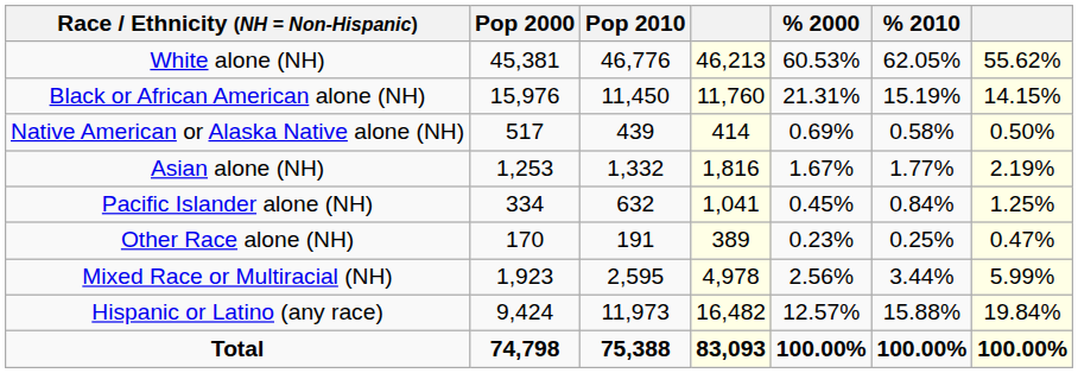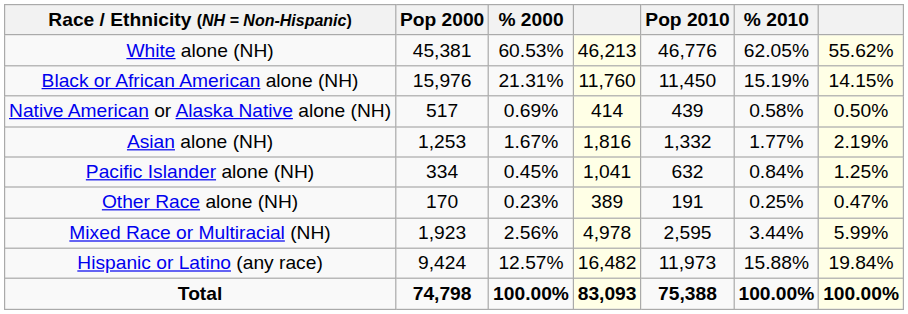 <table class="wikitable" style="text-align:center;">
 <tr>
 <th>Race / Ethnicity <small>(<em>NH = Non-Hispanic</em>)</small></th>
 <th>Pop 2000</th>
+<th>% 2000</th>
+<th></th>
 <th>Pop 2010</th>
-<th></th>
-<th>% 2000</th>
 <th>% 2010</th>
 <th></th>
 </tr>
 <tr>
 <td><a href='#'>White</a> alone (NH)</td>
 <td>45,381</td>
+<td>60.53%</td>
+<td style='background: #ffffe6;'>46,213</td>
 <td>46,776</td>
-<td style='background: #ffffe6;'>46,213</td>
-<td>60.53%</td>
 <td>62.05%</td>
 <td style='background: #ffffe6;'>55.62%</td>
 </tr>
 <tr>
 <td><a href='#'>Black or African American</a> alone (NH)</td>
 <td>15,976</td>
+<td>21.31%</td>
+<td style='background: #ffffe6;'>11,760</td>
 <td>11,450</td>
-<td style='background: #ffffe6;'>11,760</td>
-<td>21.31%</td>
 <td>15.19%</td>
 <td style='background: #ffffe6;'>14.15%</td>
 </tr>
 <tr>
 <td><a href='#'>Native American</a> or <a href='#'>Alaska Native</a> alone (NH)</td>
 <td>517</td>
+<td>0.69%</td>
+<td style='background: #ffffe6;'>414</td>
 <td>439</td>
-<td style='background: #ffffe6;'>414</td>
-<td>0.69%</td>
 <td>0.58%</td>
 <td style='background: #ffffe6;'>0.50%</td>
 </tr>
 <tr>
 <td><a href='#'>Asian</a> alone (NH)</td>
 <td>1,253</td>
+<td>1.67%</td>
+<td style='background: #ffffe6;'>1,816</td>
 <td>1,332</td>
-<td style='background: #ffffe6;'>1,816</td>
-<td>1.67%</td>
 <td>1.77%</td>
 <td style='background: #ffffe6;'>2.19%</td>
 </tr>
 <tr>
 <td><a href='#'>Pacific Islander</a> alone (NH)</td>
 <td>334</td>
+<td>0.45%</td>
+<td style='background: #ffffe6;'>1,041</td>
 <td>632</td>
-<td style='background: #ffffe6;'>1,041</td>
-<td>0.45%</td>
 <td>0.84%</td>
 <td style='background: #ffffe6;'>1.25%</td>
 </tr>
 <tr>
 <td><a href='#'>Other Race</a> alone (NH)</td>
 <td>170</td>
+<td>0.23%</td>
+<td style='background: #ffffe6;'>389</td>
 <td>191</td>
-<td style='background: #ffffe6;'>389</td>
-<td>0.23%</td>
 <td>0.25%</td>
 <td style='background: #ffffe6;'>0.47%</td>
 </tr>
 <tr>
 <td><a href='#'>Mixed Race or Multiracial</a> (NH)</td>
 <td>1,923</td>
+<td>2.56%</td>
+<td style='background: #ffffe6;'>4,978</td>
 <td>2,595</td>
-<td style='background: #ffffe6;'>4,978</td>
-<td>2.56%</td>
 <td>3.44%</td>
 <td style='background: #ffffe6;'>5.99%</td>
 </tr>
 <tr>
 <td><a href='#'>Hispanic or Latino</a> (any race)</td>
 <td>9,424</td>
+<td>12.57%</td>
+<td style='background: #ffffe6;'>16,482</td>
 <td>11,973</td>
-<td style='background: #ffffe6;'>16,482</td>
-<td>12.57%</td>
 <td>15.88%</td>
 <td style='background: #ffffe6;'>19.84%</td>
 </tr>
 <tr>
 <td><strong>Total</strong></td>
 <td><strong>74,798</strong></td>
+<td><strong>100.00%</strong></td>
+<td style='background: #ffffe6;'><strong>83,093</strong></td>
 <td><strong>75,388</strong></td>
-<td style='background: #ffffe6;'><strong>83,093</strong></td>
-<td><strong>100.00%</strong></td>
 <td><strong>100.00%</strong></td>
 <td style='background: #ffffe6;'><strong>100.00%</strong></td>
 </tr>
 </table>
